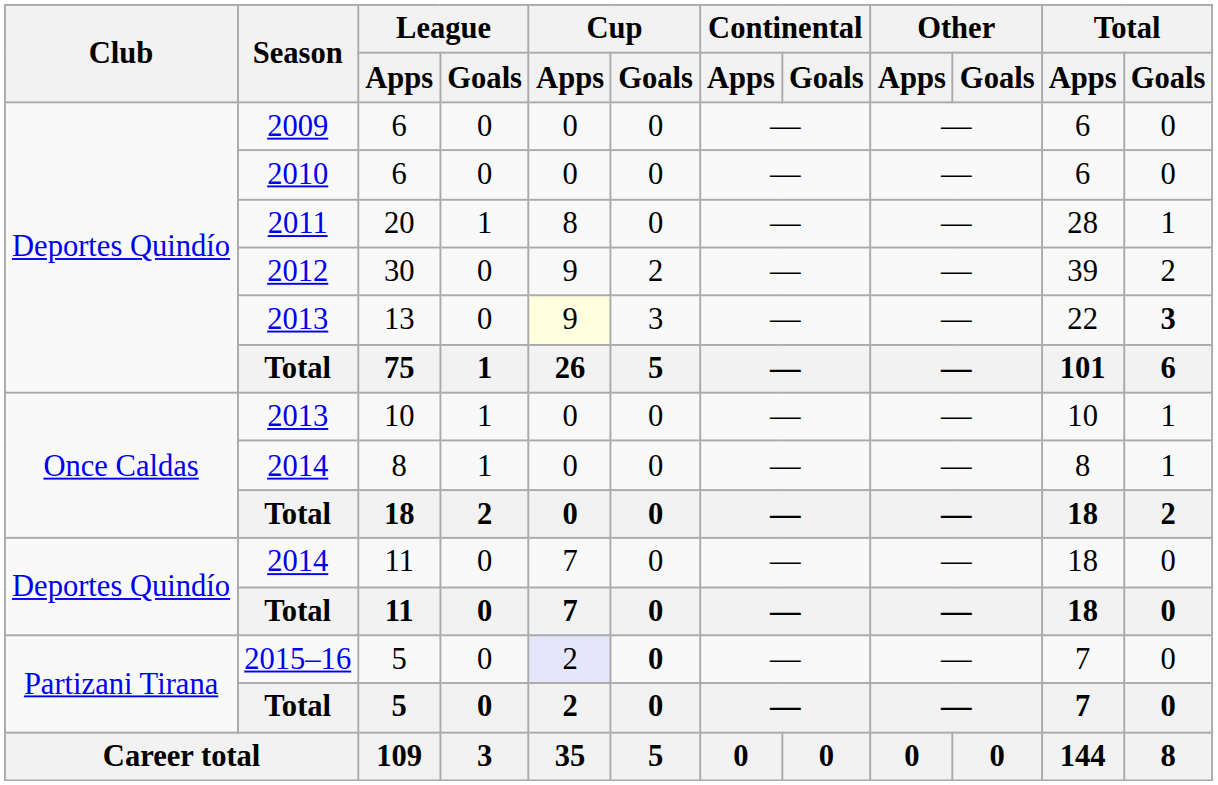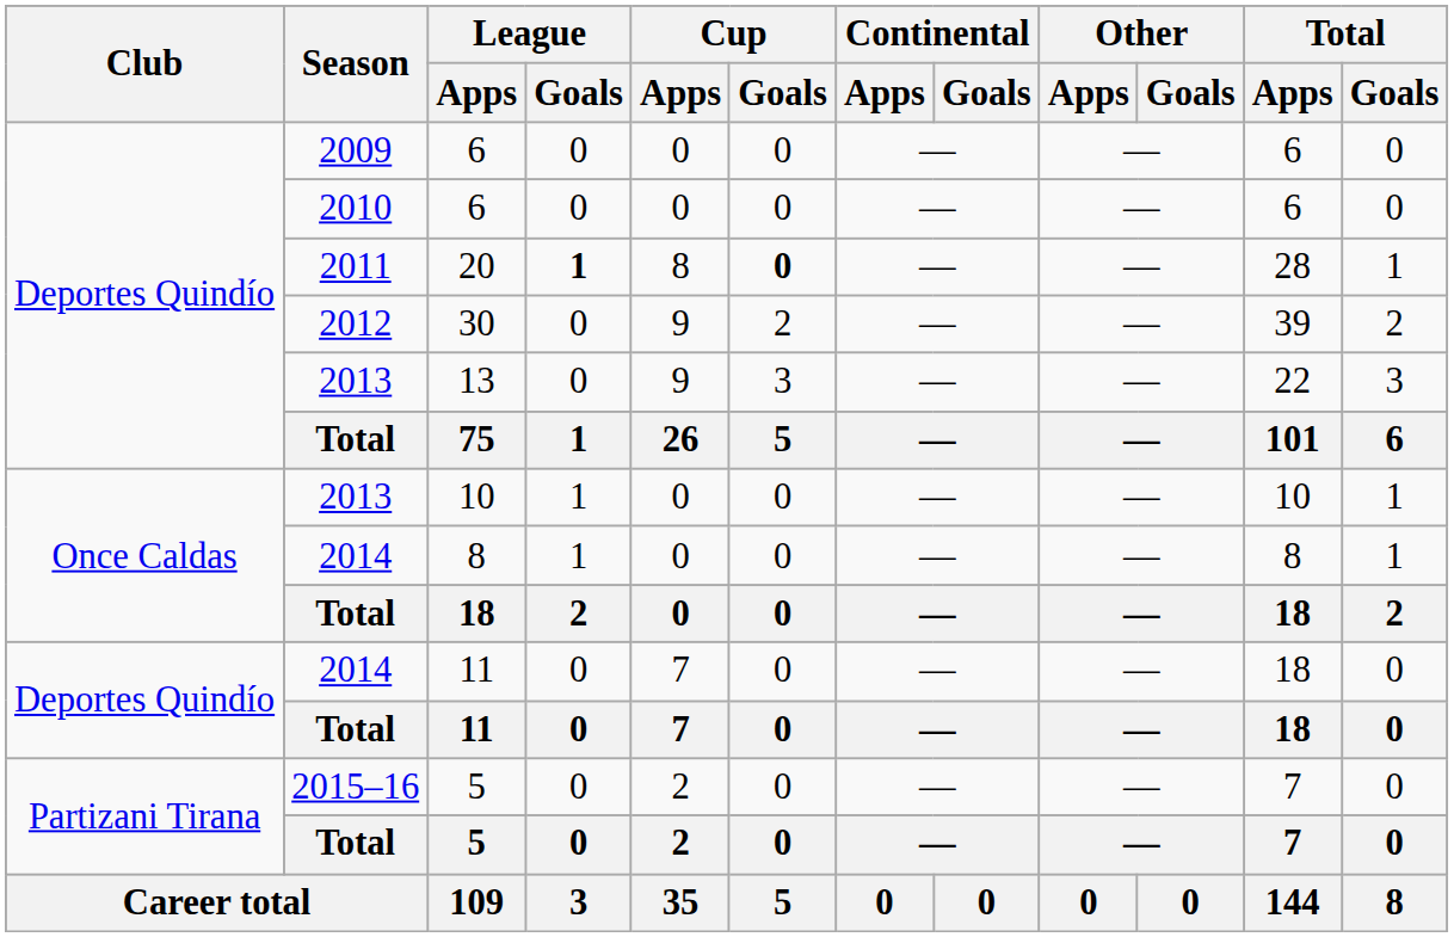 <table class="wikitable" style="text-align: center;">
 <tr>
 <th rowspan="2">Club</th>
 <th rowspan="2">Season</th>
 <th colspan="2">League</th>
 <th colspan="2">Cup</th>
 <th colspan="2">Continental</th>
 <th colspan="2">Other</th>
 <th colspan="2">Total</th>
 </tr>
 <tr>
 <th>Apps</th>
 <th>Goals</th>
 <th>Apps</th>
 <th>Goals</th>
 <th>Apps</th>
 <th>Goals</th>
 <th>Apps</th>
 <th>Goals</th>
 <th>Apps</th>
 <th>Goals</th>
 </tr>
 <tr>
 <td rowspan="6" valign="center"><a href='#'>Deportes Quindío</a></td>
 <td><a href='#'>2009</a></td>
 <td>6</td>
 <td>0</td>
 <td>0</td>
 <td>0</td>
 <td colspan="2">—</td>
 <td colspan="2">—</td>
 <td>6</td>
 <td>0</td>
 </tr>
 <tr>
 <td><a href='#'>2010</a></td>
 <td>6</td>
 <td>0</td>
 <td>0</td>
 <td>0</td>
 <td colspan="2">—</td>
 <td colspan="2">—</td>
 <td>6</td>
 <td>0</td>
 </tr>
 <tr>
 <td><a href='#'>2011</a></td>
 <td>20</td>
-<td>1</td>
+<td><strong>1</strong></td>
 <td>8</td>
-<td>0</td>
+<td><strong>0</strong></td>
 <td colspan="2">—</td>
 <td colspan="2">—</td>
 <td>28</td>
 <td>1</td>
 </tr>
 <tr>
 <td><a href='#'>2012</a></td>
 <td>30</td>
 <td>0</td>
 <td>9</td>
 <td>2</td>
 <td colspan="2">—</td>
 <td colspan="2">—</td>
 <td>39</td>
 <td>2</td>
 </tr>
 <tr>
 <td><a href='#'>2013</a></td>
 <td>13</td>
 <td>0</td>
-<td style="background: lightyellow;">9</td>
+<td>9</td>
 <td>3</td>
 <td colspan="2">—</td>
 <td colspan="2">—</td>
 <td>22</td>
-<td><strong>3</strong></td>
+<td>3</td>
 </tr>
 <tr>
 <th>Total</th>
 <th>75</th>
 <th>1</th>
 <th>26</th>
 <th>5</th>
 <th colspan="2">—</th>
 <th colspan="2">—</th>
 <th>101</th>
 <th>6</th>
 </tr>
 <tr>
 <td rowspan="3" valign="center"><a href='#'>Once Caldas</a></td>
 <td><a href='#'>2013</a></td>
 <td>10</td>
 <td>1</td>
 <td>0</td>
 <td>0</td>
 <td colspan="2">—</td>
 <td colspan="2">—</td>
 <td>10</td>
 <td>1</td>
 </tr>
 <tr>
 <td><a href='#'>2014</a></td>
 <td>8</td>
 <td>1</td>
 <td>0</td>
 <td>0</td>
 <td colspan="2">—</td>
 <td colspan="2">—</td>
 <td>8</td>
 <td>1</td>
 </tr>
 <tr>
 <th>Total</th>
 <th>18</th>
 <th>2</th>
 <th>0</th>
 <th>0</th>
 <th colspan="2">—</th>
 <th colspan="2">—</th>
 <th>18</th>
 <th>2</th>
 </tr>
 <tr>
 <td rowspan="2" valign="center"><a href='#'>Deportes Quindío</a></td>
 <td><a href='#'>2014</a></td>
 <td>11</td>
 <td>0</td>
 <td>7</td>
 <td>0</td>
 <td colspan="2">—</td>
 <td colspan="2">—</td>
 <td>18</td>
 <td>0</td>
 </tr>
 <tr>
 <th>Total</th>
 <th>11</th>
 <th>0</th>
 <th>7</th>
 <th>0</th>
 <th colspan="2">—</th>
 <th colspan="2">—</th>
 <th>18</th>
 <th>0</th>
 </tr>
 <tr>
 <td rowspan="2" valign="center"><a href='#'>Partizani Tirana</a></td>
 <td><a href='#'>2015–16</a></td>
 <td>5</td>
 <td>0</td>
-<td style="background: lavender;">2</td>
-<td><strong>0</strong></td>
+<td>2</td>
+<td>0</td>
 <td colspan="2">—</td>
 <td colspan="2">—</td>
 <td>7</td>
 <td>0</td>
 </tr>
 <tr>
 <th>Total</th>
 <th>5</th>
 <th>0</th>
 <th>2</th>
 <th>0</th>
 <th colspan="2">—</th>
 <th colspan="2">—</th>
 <th>7</th>
 <th>0</th>
 </tr>
 <tr>
 <th colspan="2">Career total</th>
 <th>109</th>
 <th>3</th>
 <th>35</th>
 <th>5</th>
 <th>0</th>
 <th>0</th>
 <th>0</th>
 <th>0</th>
 <th>144</th>
 <th>8</th>
 </tr>
 </table>
